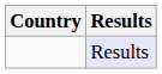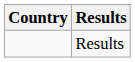 <table class="wikitable">
 <tr>
 <th>Country</th>
 <th>Results</th>
 </tr>
 <tr>
 <td></td>
-<td style="background: lavender;">Results </td>
+<td>Results </td>
 </tr>
 </table>
